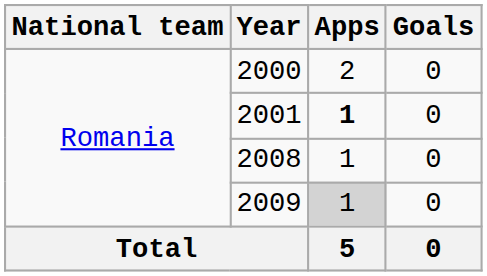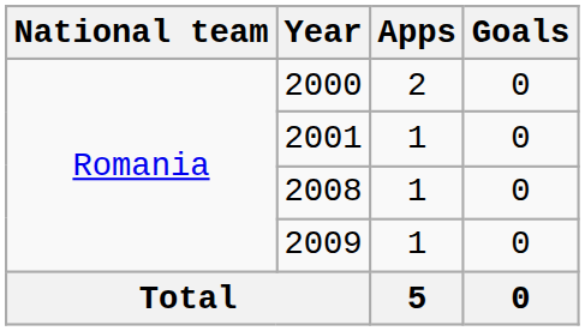 <table class="wikitable" style="text-align:center">
 <tr>
 <th>National team</th>
 <th>Year</th>
 <th>Apps</th>
 <th>Goals</th>
 </tr>
 <tr>
 <td rowspan="4"><a href='#'>Romania</a></td>
 <td>2000</td>
 <td>2</td>
 <td>0</td>
 </tr>
 <tr>
 <td>2001</td>
-<td><strong>1</strong></td>
+<td>1</td>
 <td>0</td>
 </tr>
 <tr>
 <td>2008</td>
 <td>1</td>
 <td>0</td>
 </tr>
 <tr>
 <td>2009</td>
-<td style="background: lightgrey;">1</td>
+<td>1</td>
 <td>0</td>
 </tr>
 <tr>
 <th colspan="2">Total</th>
 <th>5</th>
 <th>0</th>
 </tr>
 </table>
